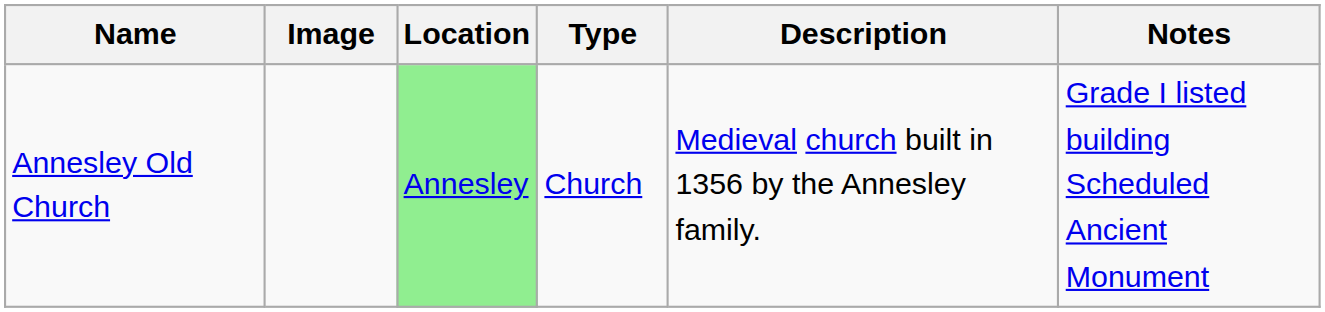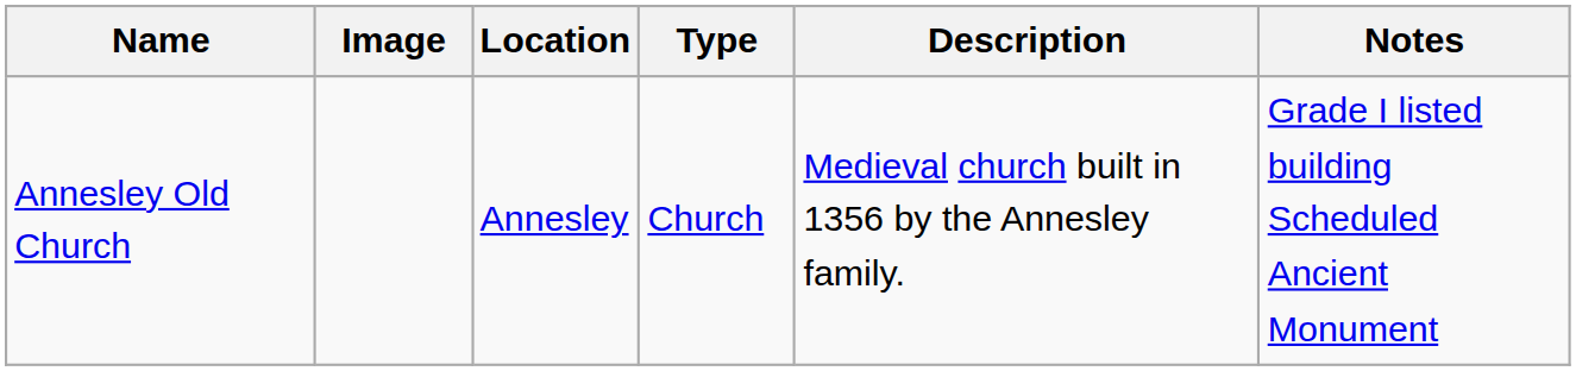 <table class="wikitable sortable" style="font-size:90%;width:100%;border:0px;text-align:left;line-height:150%;">
 <tr>
 <th width="20%">Name</th>
 <th width="10%" class="unsortable">Image</th>
 <th width="10%">Location</th>
 <th width="10%">Type</th>
 <th width="30%" class="unsortable">Description</th>
 <th width="20%" class="unsortable">Notes</th>
 </tr>
 <tr>
 <td><a href='#'>Annesley Old Church</a></td>
 <td></td>
-<td style="background: lightgreen;"><a href='#'>Annesley</a></td>
+<td><a href='#'>Annesley</a></td>
 <td><a href='#'>Church</a></td>
 <td><a href='#'>Medieval</a> <a href='#'>church</a> built in 1356 by the Annesley family.</td>
 <td><a href='#'>Grade I listed building</a><br> <a href='#'>Scheduled Ancient Monument</a></td>
 </tr>
 <tr>
 </tr>
 </table>
